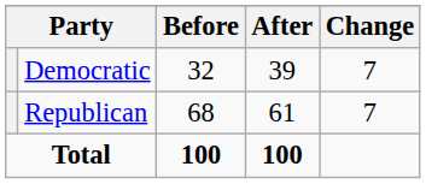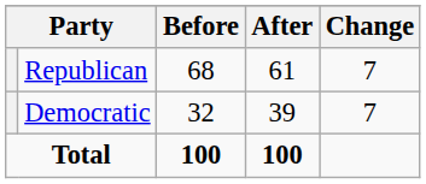 <table class="wikitable" style="text-align:center;">
 <tr>
 </tr>
 <tr>
 <th colspan=2>Party</th>
 <th>Before</th>
 <th>After</th>
 <th>Change</th>
 </tr>
 <tr>
 <th style="background-color:"></th>
-<td style="text-align:left;"><a href='#'>Democratic</a></td>
-<td>32</td>
-<td>39</td>
+<td style="text-align:left;"><a href='#'>Republican</a></td>
+<td>68</td>
+<td>61</td>
 <td> 7</td>
 </tr>
 <tr>
 <th style="background-color:"></th>
-<td style="text-align:left;"><a href='#'>Republican</a></td>
-<td>68</td>
-<td>61</td>
+<td style="text-align:left;"><a href='#'>Democratic</a></td>
+<td>32</td>
+<td>39</td>
 <td> 7</td>
 </tr>
 <tr>
 <td colspan=2><strong>Total</strong></td>
 <td><strong>100</strong></td>
 <td><strong>100</strong></td>
 <td></td>
 </tr>
 </table>
